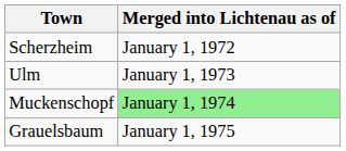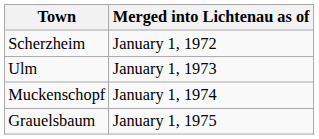 <table class="wikitable">
 <tr>
 <th>Town</th>
 <th>Merged into Lichtenau as of</th>
 </tr>
 <tr>
 <td align="left">Scherzheim</td>
 <td>January 1, 1972</td>
 </tr>
 <tr>
 <td align="left">Ulm</td>
 <td>January 1, 1973</td>
 </tr>
 <tr>
 <td align="left">Muckenschopf</td>
-<td style="background: lightgreen;">January 1, 1974</td>
+<td>January 1, 1974</td>
 </tr>
 <tr>
 <td align="left">Grauelsbaum</td>
 <td>January 1, 1975</td>
 </tr>
 </table>
